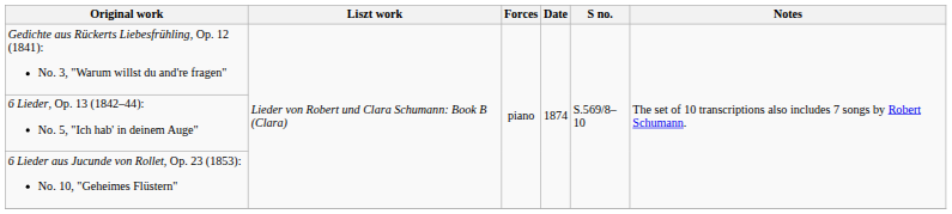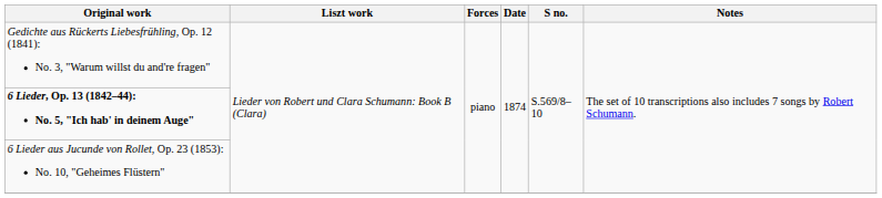 <table class="wikitable">
 <tr>
 <th>Original work</th>
 <th>Liszt work</th>
 <th>Forces</th>
 <th>Date</th>
 <th>S no.</th>
 <th>Notes</th>
 </tr>
 <tr>
 <td><em>Gedichte aus Rückerts Liebesfrühling</em>, Op. 12 (1841):<br><ul><li>No. 3, "Warum willst du and're fragen"</li></ul></td>
 <td rowspan=3><em>Lieder von Robert und Clara Schumann: Book B (Clara)</em></td>
 <td rowspan=3 style="text-align: center">piano</td>
 <td rowspan=3>1874</td>
 <td rowspan=3>S.569/8–10</td>
 <td rowspan=3>The set of 10 transcriptions also includes 7 songs by <a href='#'>Robert Schumann</a>.</td>
 </tr>
 <tr>
-<td><em>6 Lieder</em>, Op. 13 (1842–44):<br><ul><li>No. 5, "Ich hab' in deinem Auge"</li></ul></td>
+<td><strong><em>6 Lieder</em>, Op. 13 (1842–44):<br><ul><li>No. 5, "Ich hab' in deinem Auge"</li></ul></strong></td>
 </tr>
 <tr>
 <td><em>6 Lieder aus Jucunde von Rollet</em>, Op. 23 (1853):<br><ul><li>No. 10, "Geheimes Flüstern"</li></ul></td>
 </tr>
 <tr>
 </tr>
 </table>
